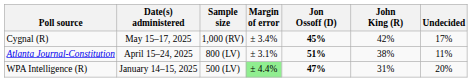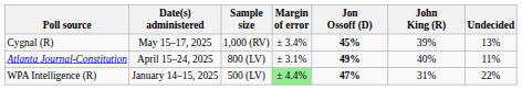 <table class="wikitable" style="font-size:90%;text-align:center;">
 <tr valign=bottom>
 <th>Poll source</th>
 <th>Date(s)<br>administered</th>
 <th>Sample<br>size</th>
 <th>Margin<br>of error</th>
 <th style="width:100px;">Jon<br>Ossoff (D)</th>
 <th style="width:100px;">John<br>King (R)</th>
 <th>Undecided</th>
 </tr>
 <tr>
 <td style="text-align:left;">Cygnal (R)</td>
 <td>May 15–17, 2025</td>
 <td>1,000 (RV)</td>
 <td>± 3.4%</td>
 <td style="background-color:"><strong>45%</strong></td>
-<td>42%</td>
-<td>17%</td>
+<td>39%</td>
+<td>13%</td>
 </tr>
 <tr>
 <td style="text-align:left;"><em><a href='#'>Atlanta Journal-Constitution</a></em></td>
 <td>April 15–24, 2025</td>
 <td>800 (LV)</td>
 <td>± 3.1%</td>
-<td style="background-color:"><strong>51%</strong></td>
-<td>38%</td>
+<td style="background-color:"><strong>49%</strong></td>
+<td>40%</td>
 <td>11%</td>
 </tr>
 <tr>
 <td style="text-align:left;">WPA Intelligence (R)</td>
 <td>January 14–15, 2025</td>
 <td>500 (LV)</td>
 <td style="background: lightgreen;">± 4.4%</td>
 <td style="background-color:"><strong>47%</strong></td>
 <td>31%</td>
-<td>20%</td>
+<td>22%</td>
 </tr>
 </table>
